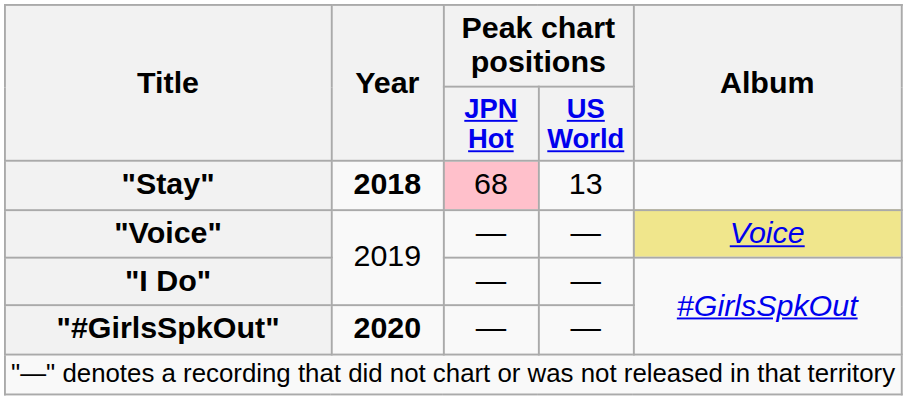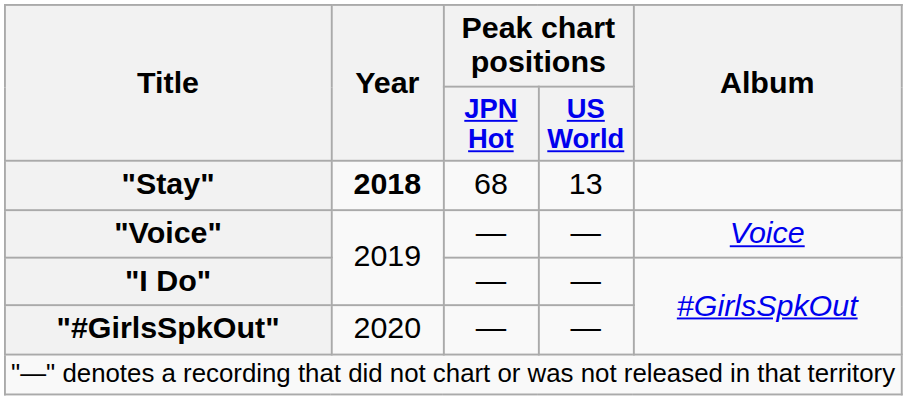 <table class="wikitable plainrowheaders" style="text-align:center">
 <tr>
 <th scope="col" rowspan="2">Title</th>
 <th scope="col" rowspan="2">Year</th>
 <th scope="col" colspan="2">Peak chart<br>positions</th>
 <th scope="col" rowspan="2">Album</th>
 </tr>
 <tr>
 <th scope="col" style="font-size:90%; width:3em"><a href='#'>JPN<br>Hot</a><br></th>
 <th scope="col" style="font-size:90%; width:3em"><a href='#'>US<br>World</a><br></th>
 </tr>
 <tr>
 <th scope="row">"Stay"</th>
 <td><strong>2018</strong></td>
-<td style="background: pink;">68</td>
+<td>68</td>
 <td>13</td>
 <td></td>
 </tr>
 <tr>
 <th scope="row">"Voice"</th>
 <td rowspan="2">2019</td>
 <td>—</td>
 <td>—</td>
-<td style="background: khaki;"><em><a href='#'>Voice</a></em></td>
+<td><em><a href='#'>Voice</a></em></td>
 </tr>
 <tr>
 <th scope="row">"I Do"</th>
 <td>—</td>
 <td>—</td>
 <td rowspan="2"><em><a href='#'>#GirlsSpkOut</a></em></td>
 </tr>
 <tr>
 <th scope="row">"#GirlsSpkOut"<br></th>
-<td><strong>2020</strong></td>
+<td>2020</td>
 <td>—</td>
 <td>—</td>
 </tr>
 <tr>
 <td colspan="5" style="font-size:85%">"—" denotes a recording that did not chart or was not released in that territory</td>
 </tr>
 </table>
